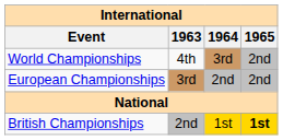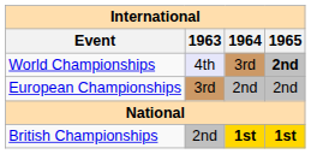 <table class="wikitable" style="text-align:center">
 <tr>
 <th style="background-color: #ffdead; " colspan=4 align=center>International</th>
 </tr>
 <tr>
 <th>Event</th>
 <th>1963</th>
 <th>1964</th>
 <th>1965</th>
 </tr>
 <tr>
 <td align=left><a href='#'>World Championships</a></td>
-<td>4th</td>
+<td style="background: lavender;">4th</td>
 <td bgcolor=cc9966>3rd</td>
-<td bgcolor=silver>2nd</td>
+<td bgcolor=silver><strong>2nd</strong></td>
 </tr>
 <tr>
 <td align=left><a href='#'>European Championships</a></td>
 <td bgcolor=cc9966>3rd</td>
 <td bgcolor=silver>2nd</td>
 <td bgcolor=silver>2nd</td>
 </tr>
 <tr>
 <th style="background-color: #ffdead; " colspan=4 align=center>National</th>
 </tr>
 <tr>
 <td align=left><a href='#'>British Championships</a></td>
 <td bgcolor=silver>2nd</td>
-<td bgcolor=gold>1st</td>
+<td bgcolor=gold><strong>1st</strong></td>
 <td bgcolor=gold><strong>1st</strong></td>
 </tr>
 </table>
